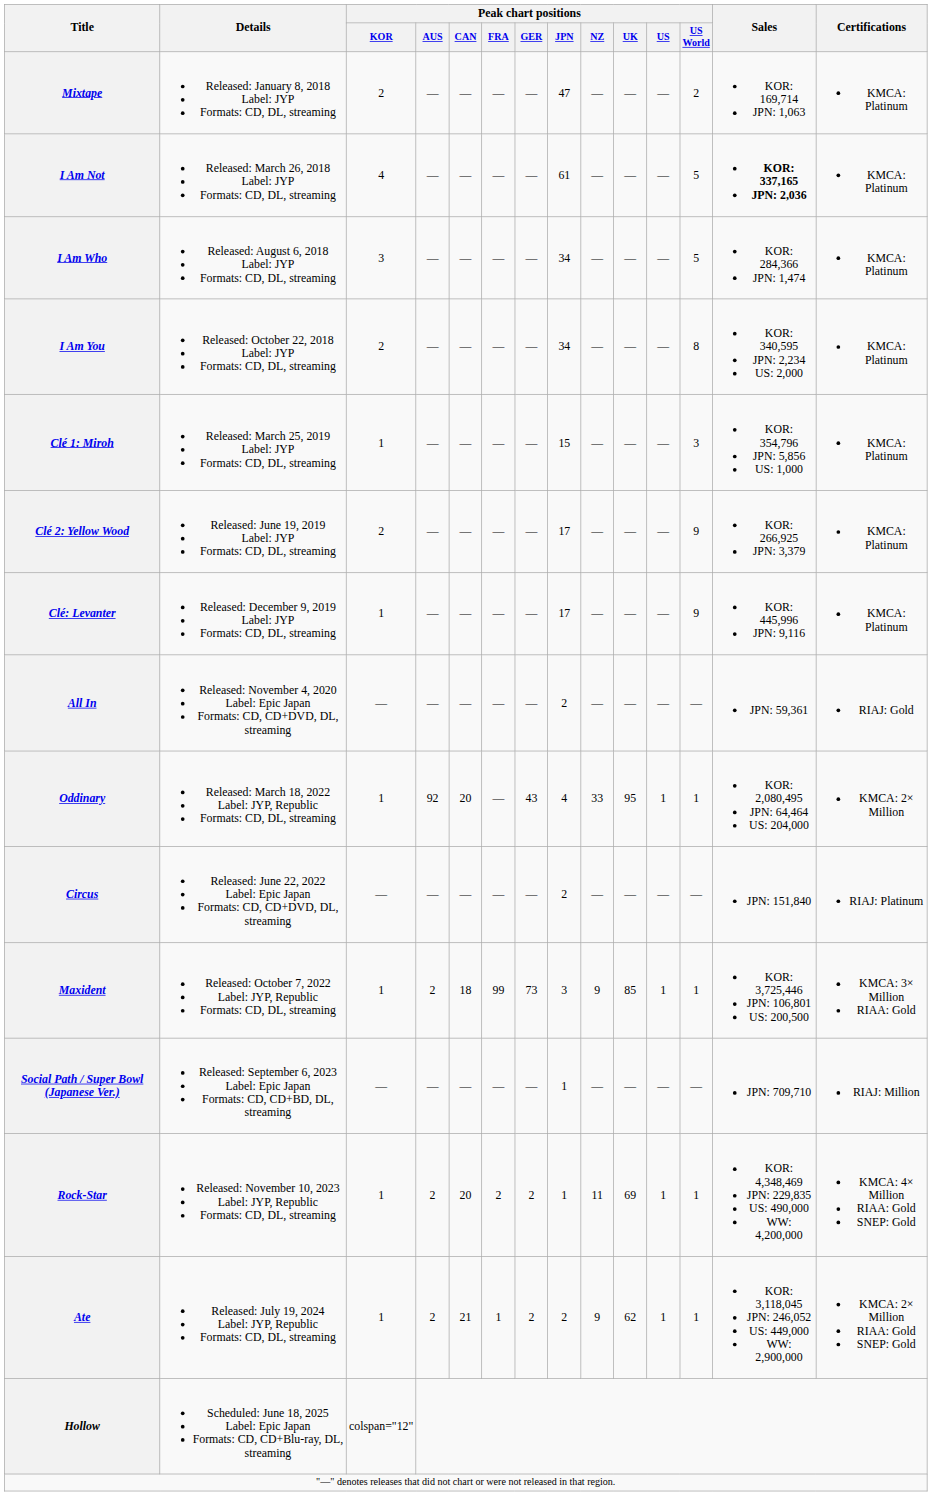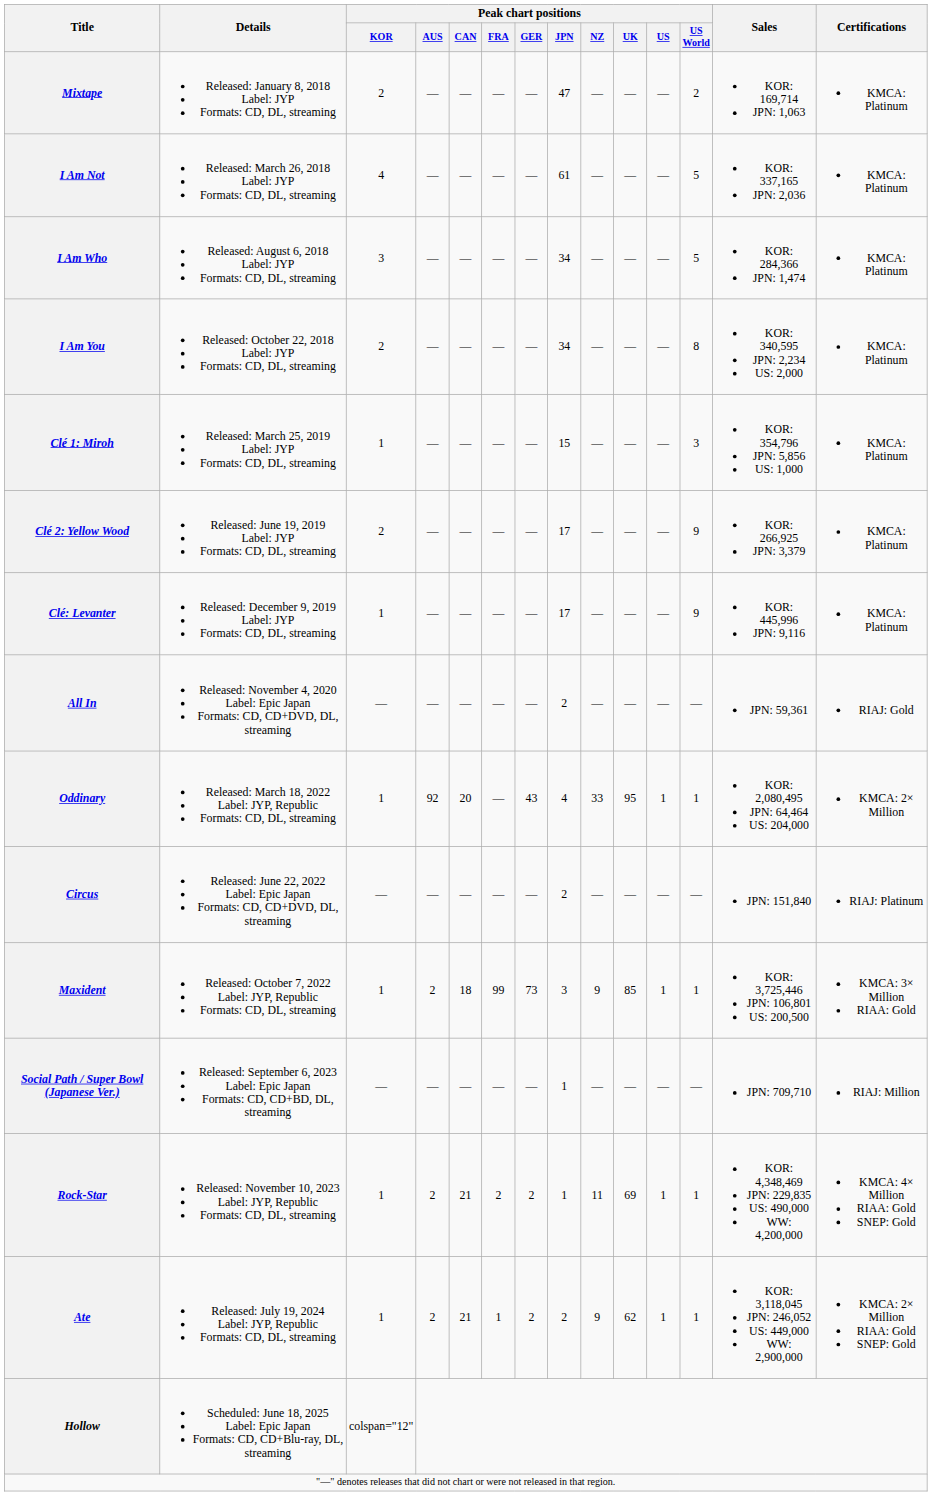 <table class="wikitable plainrowheaders" style="text-align:center">
 <tr>
 <th scope="col" rowspan="2">Title</th>
 <th scope="col" rowspan="2">Details</th>
 <th scope="col" colspan="10">Peak chart positions</th>
 <th scope="col" rowspan="2">Sales</th>
 <th scope="col" rowspan="2">Certifications</th>
 </tr>
 <tr>
 <th scope="col" style="width:2.8em;font-size:85%"><a href='#'>KOR</a><br></th>
 <th scope="col" style="width:2.8em;font-size:85%"><a href='#'>AUS</a><br></th>
 <th scope="col" style="width:2.8em;font-size:85%"><a href='#'>CAN</a><br></th>
 <th scope="col" style="width:2.8em;font-size:85%"><a href='#'>FRA</a><br></th>
 <th scope="col" style="width:2.8em;font-size:85%"><a href='#'>GER</a><br></th>
 <th scope="col" style="width:2.8em;font-size:85%"><a href='#'>JPN</a><br></th>
 <th scope="col" style="width:2.8em;font-size:85%"><a href='#'>NZ</a><br></th>
 <th scope="col" style="width:2.8em;font-size:85%"><a href='#'>UK</a><br></th>
 <th scope="col" style="width:2.8em;font-size:85%"><a href='#'>US</a><br></th>
 <th scope="col" style="width:2.8em;font-size:85%"><a href='#'>US<br>World</a><br></th>
 </tr>
 <tr>
 <th scope="row"><em><a href='#'>Mixtape</a></em></th>
 <td><br><ul><li>Released: January 8, 2018</li><li>Label: JYP</li><li>Formats: CD, DL, streaming</li></ul></td>
 <td>2</td>
 <td>—</td>
 <td>—</td>
 <td>—</td>
 <td>—</td>
 <td>47</td>
 <td>—</td>
 <td>—</td>
 <td>—</td>
 <td>2</td>
 <td><br><ul><li>KOR: 169,714</li><li>JPN: 1,063</li></ul></td>
 <td><br><ul><li>KMCA: Platinum</li></ul></td>
 </tr>
 <tr>
 <th scope="row"><em><a href='#'>I Am Not</a></em></th>
 <td><br><ul><li>Released: March 26, 2018</li><li>Label: JYP</li><li>Formats: CD, DL, streaming</li></ul></td>
 <td>4</td>
 <td>—</td>
 <td>—</td>
 <td>—</td>
 <td>—</td>
 <td>61</td>
 <td>—</td>
 <td>—</td>
 <td>—</td>
 <td>5</td>
-<td><strong><br><ul><li>KOR: 337,165</li><li>JPN: 2,036</li></ul></strong></td>
+<td><br><ul><li>KOR: 337,165</li><li>JPN: 2,036</li></ul></td>
 <td><br><ul><li>KMCA: Platinum</li></ul></td>
 </tr>
 <tr>
 <th scope="row"><em><a href='#'>I Am Who</a></em></th>
 <td><br><ul><li>Released: August 6, 2018</li><li>Label: JYP</li><li>Formats: CD, DL, streaming</li></ul></td>
 <td>3</td>
 <td>—</td>
 <td>—</td>
 <td>—</td>
 <td>—</td>
 <td>34</td>
 <td>—</td>
 <td>—</td>
 <td>—</td>
 <td>5</td>
 <td><br><ul><li>KOR: 284,366</li><li>JPN: 1,474</li></ul></td>
 <td><br><ul><li>KMCA: Platinum</li></ul></td>
 </tr>
 <tr>
 <th scope="row"><em><a href='#'>I Am You</a></em></th>
 <td><br><ul><li>Released: October 22, 2018</li><li>Label: JYP</li><li>Formats: CD, DL, streaming</li></ul></td>
 <td>2</td>
 <td>—</td>
 <td>—</td>
 <td>—</td>
 <td>—</td>
 <td>34</td>
 <td>—</td>
 <td>—</td>
 <td>—</td>
 <td>8</td>
 <td><br><ul><li>KOR: 340,595</li><li>JPN: 2,234</li><li>US: 2,000</li></ul></td>
 <td><br><ul><li>KMCA: Platinum</li></ul></td>
 </tr>
 <tr>
 <th scope="row"><em><a href='#'>Clé 1: Miroh</a></em></th>
 <td><br><ul><li>Released: March 25, 2019</li><li>Label: JYP</li><li>Formats: CD, DL, streaming</li></ul></td>
 <td>1</td>
 <td>—</td>
 <td>—</td>
 <td>—</td>
 <td>—</td>
 <td>15</td>
 <td>—</td>
 <td>—</td>
 <td>—</td>
 <td>3</td>
 <td><br><ul><li>KOR: 354,796</li><li>JPN: 5,856</li><li>US: 1,000</li></ul></td>
 <td><br><ul><li>KMCA: Platinum</li></ul></td>
 </tr>
 <tr>
 <th scope="row"><em><a href='#'>Clé 2: Yellow Wood</a></em></th>
 <td><br><ul><li>Released: June 19, 2019</li><li>Label: JYP</li><li>Formats: CD, DL, streaming</li></ul></td>
 <td>2</td>
 <td>—</td>
 <td>—</td>
 <td>—</td>
 <td>—</td>
 <td>17</td>
 <td>—</td>
 <td>—</td>
 <td>—</td>
 <td>9</td>
 <td><br><ul><li>KOR: 266,925</li><li>JPN: 3,379</li></ul></td>
 <td><br><ul><li>KMCA: Platinum</li></ul></td>
 </tr>
 <tr>
 <th scope="row"><em><a href='#'>Clé: Levanter</a></em></th>
 <td><br><ul><li>Released: December 9, 2019</li><li>Label: JYP</li><li>Formats: CD, DL, streaming</li></ul></td>
 <td>1</td>
 <td>—</td>
 <td>—</td>
 <td>—</td>
 <td>—</td>
 <td>17</td>
 <td>—</td>
 <td>—</td>
 <td>—</td>
 <td>9</td>
 <td><br><ul><li>KOR: 445,996</li><li>JPN: 9,116</li></ul></td>
 <td><br><ul><li>KMCA: Platinum</li></ul></td>
 </tr>
 <tr>
 <th scope="row"><em><a href='#'>All In</a></em></th>
 <td><br><ul><li>Released: November 4, 2020</li><li>Label: Epic Japan</li><li>Formats: CD, CD+DVD, DL, streaming</li></ul></td>
 <td>—</td>
 <td>—</td>
 <td>—</td>
 <td>—</td>
 <td>—</td>
 <td>2</td>
 <td>—</td>
 <td>—</td>
 <td>—</td>
 <td>—</td>
 <td><br><ul><li>JPN: 59,361</li></ul></td>
 <td><br><ul><li>RIAJ: Gold </li></ul></td>
 </tr>
 <tr>
 <th scope="row"><em><a href='#'>Oddinary</a></em></th>
 <td><br><ul><li>Released: March 18, 2022</li><li>Label: JYP, Republic</li><li>Formats: CD, DL, streaming</li></ul></td>
 <td>1</td>
 <td>92</td>
 <td>20</td>
 <td>—</td>
 <td>43</td>
 <td>4</td>
 <td>33</td>
 <td>95</td>
 <td>1</td>
 <td>1</td>
 <td><br><ul><li>KOR: 2,080,495</li><li>JPN: 64,464</li><li>US: 204,000</li></ul></td>
 <td><br><ul><li>KMCA: 2× Million</li></ul></td>
 </tr>
 <tr>
 <th scope="row"><em><a href='#'>Circus</a></em></th>
 <td><br><ul><li>Released: June 22, 2022</li><li>Label: Epic Japan</li><li>Formats: CD, CD+DVD, DL, streaming</li></ul></td>
 <td>—</td>
 <td>—</td>
 <td>—</td>
 <td>—</td>
 <td>—</td>
 <td>2</td>
 <td>—</td>
 <td>—</td>
 <td>—</td>
 <td>—</td>
 <td><br><ul><li>JPN: 151,840</li></ul></td>
 <td><br><ul><li>RIAJ: Platinum </li></ul></td>
 </tr>
 <tr>
 <th scope="row"><em><a href='#'>Maxident</a></em></th>
 <td><br><ul><li>Released: October 7, 2022</li><li>Label: JYP, Republic</li><li>Formats: CD, DL, streaming</li></ul></td>
 <td>1</td>
 <td>2</td>
 <td>18</td>
 <td>99</td>
 <td>73</td>
 <td>3</td>
 <td>9</td>
 <td>85</td>
 <td>1</td>
 <td>1</td>
 <td><br><ul><li>KOR: 3,725,446</li><li>JPN: 106,801</li><li>US: 200,500</li></ul></td>
 <td><br><ul><li>KMCA: 3× Million</li><li>RIAA: Gold</li></ul></td>
 </tr>
 <tr>
 <th scope="row"><em><a href='#'>Social Path / Super Bowl (Japanese Ver.)</a></em></th>
 <td><br><ul><li>Released: September 6, 2023</li><li>Label: Epic Japan</li><li>Formats: CD, CD+BD, DL, streaming</li></ul></td>
 <td>—</td>
 <td>—</td>
 <td>—</td>
 <td>—</td>
 <td>—</td>
 <td>1</td>
 <td>—</td>
 <td>—</td>
 <td>—</td>
 <td>—</td>
 <td><br><ul><li>JPN: 709,710</li></ul></td>
 <td><br><ul><li>RIAJ: Million </li></ul></td>
 </tr>
 <tr>
 <th scope="row"><em><a href='#'>Rock-Star</a></em></th>
 <td><br><ul><li>Released: November 10, 2023</li><li>Label: JYP, Republic</li><li>Formats: CD, DL, streaming</li></ul></td>
 <td>1</td>
 <td>2</td>
-<td>20</td>
+<td>21</td>
 <td>2</td>
 <td>2</td>
 <td>1</td>
 <td>11</td>
 <td>69</td>
 <td>1</td>
 <td>1</td>
 <td><br><ul><li>KOR: 4,348,469</li><li>JPN: 229,835</li><li>US: 490,000</li><li>WW: 4,200,000</li></ul></td>
 <td><br><ul><li>KMCA: 4× Million</li><li>RIAA: Gold</li><li>SNEP: Gold</li></ul></td>
 </tr>
 <tr>
 <th scope="row"><em><a href='#'>Ate</a></em></th>
 <td><br><ul><li>Released: July 19, 2024</li><li>Label: JYP, Republic</li><li>Formats: CD, DL, streaming</li></ul></td>
 <td>1</td>
 <td>2</td>
 <td>21</td>
 <td>1</td>
 <td>2</td>
 <td>2</td>
 <td>9</td>
 <td>62</td>
 <td>1</td>
 <td>1</td>
 <td><br><ul><li>KOR: 3,118,045</li><li>JPN: 246,052</li><li>US: 449,000</li><li>WW: 2,900,000</li></ul></td>
 <td><br><ul><li>KMCA: 2× Million</li><li>RIAA: Gold</li><li>SNEP: Gold</li></ul></td>
 </tr>
 <tr>
 <th scope="row"><em>Hollow</em></th>
 <td><br><ul><li>Scheduled: June 18, 2025</li><li>Label: Epic Japan</li><li>Formats: CD, CD+Blu-ray, DL, streaming</li></ul></td>
 <td>colspan="12" </td>
 </tr>
 <tr>
 <td colspan="17" style="font-size:85%">"—" denotes releases that did not chart or were not released in that region.</td>
 </tr>
 </table>
